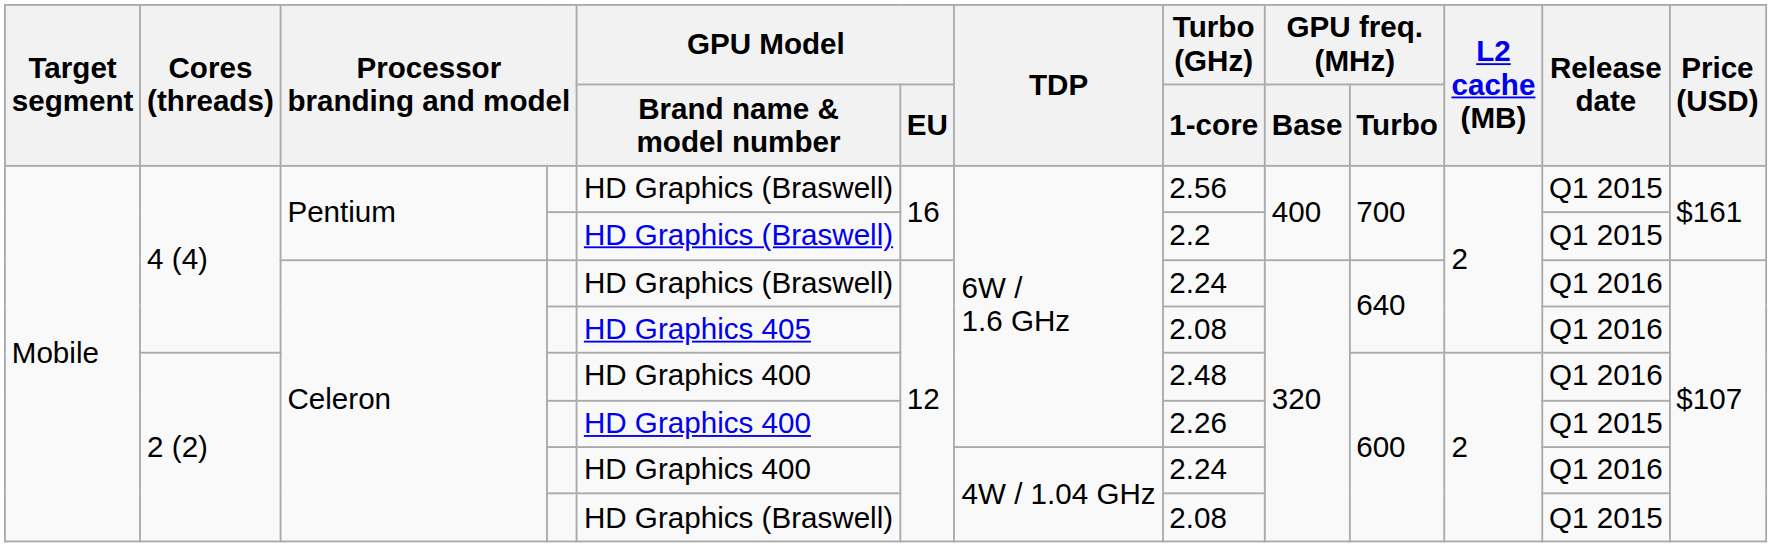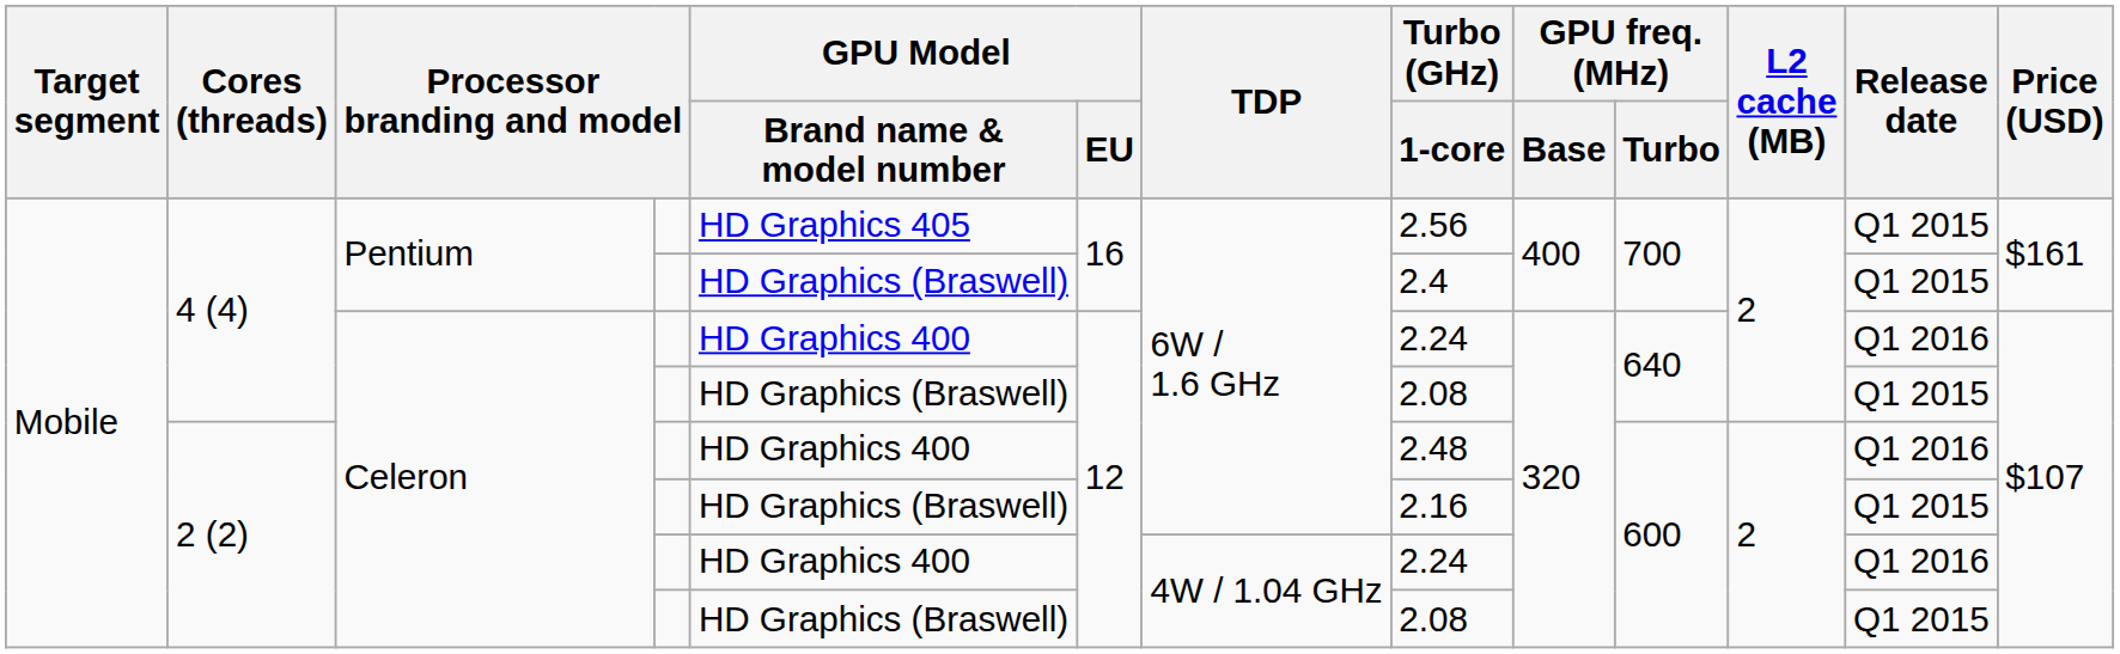 <table class="wikitable">
 <tr>
 <th rowspan=2>Target<br>segment</th>
 <th rowspan=2>Cores<br>(threads)</th>
 <th colspan=2 rowspan="2">Processor<br>branding and model</th>
 <th colspan="2">GPU Model</th>
 <th rowspan=2>TDP</th>
 <th>Turbo<br>(GHz)</th>
 <th colspan=2>GPU freq.<br>(MHz)</th>
 <th rowspan=2><a href='#'>L2<br>cache</a><br>(MB)</th>
 <th rowspan=2>Release<br>date</th>
 <th rowspan=2>Price<br>(USD)</th>
 </tr>
 <tr>
 <th>Brand name &<br>model number</th>
 <th>EU</th>
 <th>1-core</th>
 <th>Base</th>
 <th>Turbo</th>
 </tr>
 <tr>
 <td rowspan="8">Mobile</td>
 <td rowspan="4">4 (4)</td>
 <td rowspan="2">Pentium</td>
 <td></td>
-<td rowspan="1">HD Graphics (Braswell)<br></td>
+<td rowspan="1"><a href='#'>HD Graphics 405</a></td>
 <td rowspan="2">16</td>
 <td rowspan="6">6W /<br> 1.6 GHz</td>
 <td rowspan="1">2.56</td>
 <td rowspan="2">400</td>
 <td rowspan="2">700</td>
 <td rowspan="4">2</td>
 <td rowspan="1">Q1 2015</td>
 <td rowspan="2">$161</td>
 </tr>
 <tr>
 <td></td>
 <td rowspan="1"><a href='#'>HD Graphics (Braswell)</a></td>
-<td rowspan="1">2.2</td>
+<td rowspan="1">2.4</td>
 <td rowspan="1">Q1 2015</td>
 </tr>
 <tr>
 <td rowspan="6">Celeron</td>
 <td></td>
-<td rowspan="1">HD Graphics (Braswell)<br></td>
+<td rowspan="1"><a href='#'>HD Graphics 400</a></td>
 <td rowspan="6">12</td>
 <td rowspan="1">2.24</td>
 <td rowspan="6">320</td>
 <td rowspan="2">640</td>
 <td rowspan="1">Q1 2016</td>
 <td rowspan="6">$107</td>
 </tr>
 <tr>
 <td></td>
-<td rowspan="1"><a href='#'>HD Graphics 405</a></td>
+<td rowspan="1">HD Graphics (Braswell)<br></td>
 <td rowspan="1">2.08</td>
-<td rowspan="1">Q1 2016</td>
+<td rowspan="1">Q1 2015</td>
 </tr>
 <tr>
 <td rowspan="4">2 (2)</td>
 <td></td>
 <td rowspan="1">HD Graphics 400</td>
 <td rowspan="1">2.48</td>
 <td rowspan="4">600</td>
 <td rowspan="4">2</td>
 <td rowspan="1">Q1 2016</td>
 </tr>
 <tr>
 <td></td>
-<td rowspan="1"><a href='#'>HD Graphics 400</a></td>
-<td rowspan="1">2.26</td>
+<td rowspan="1">HD Graphics (Braswell)<br></td>
+<td rowspan="1">2.16</td>
 <td rowspan="1">Q1 2015</td>
 </tr>
 <tr>
 <td></td>
 <td rowspan="1">HD Graphics 400</td>
 <td rowspan="2">4W / 1.04 GHz</td>
 <td rowspan="1">2.24</td>
 <td rowspan="1">Q1 2016</td>
 </tr>
 <tr>
 <td></td>
 <td rowspan="1">HD Graphics (Braswell)<br></td>
 <td rowspan="1">2.08</td>
 <td rowspan="1">Q1 2015</td>
 </tr>
 </table>
